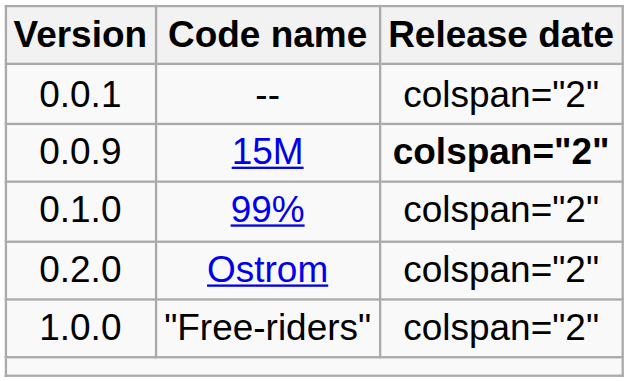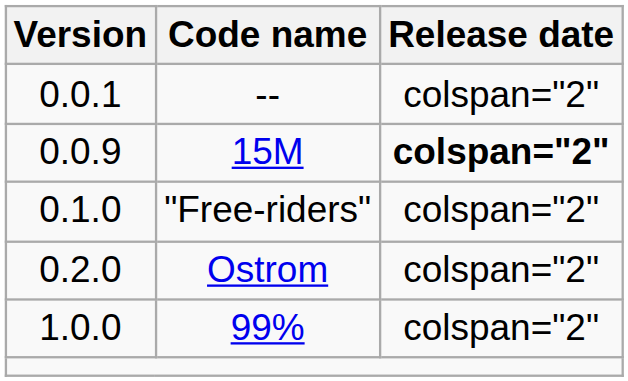 <table class="wikitable" style="float:right; text-align:center; margin-left:1em; margin-right:0">
 <tr>
 <th rowspan=1>Version</th>
 <th rowspan=1>Code name</th>
 <th rowspan=1>Release date</th>
 </tr>
 <tr>
 <td>0.0.1</td>
 <td>--</td>
 <td>colspan="2" </td>
 </tr>
 <tr>
 <td>0.0.9</td>
 <td><a href='#'>15M</a></td>
 <td><strong>colspan="2" </strong></td>
 </tr>
 <tr>
 <td>0.1.0</td>
-<td><a href='#'>99%</a></td>
+<td>"Free-riders"</td>
 <td>colspan="2" </td>
 </tr>
 <tr>
 <td>0.2.0</td>
 <td><a href='#'>Ostrom</a></td>
 <td>colspan="2" </td>
 </tr>
 <tr>
 <td>1.0.0</td>
-<td>"Free-riders"</td>
+<td><a href='#'>99%</a></td>
 <td>colspan="2" </td>
 </tr>
 <tr>
 <td colspan="99"><small></small></td>
 </tr>
 </table>
